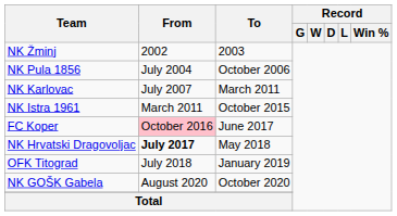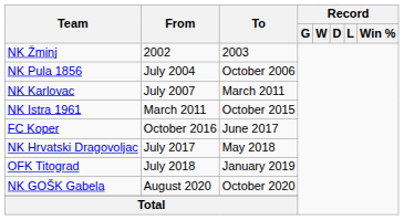 <table class="wikitable sortable">
 <tr>
 <th rowspan="2">Team</th>
 <th rowspan="2">From</th>
 <th rowspan="2">To</th>
 <th colspan="5">Record</th>
 </tr>
 <tr>
 <th>G</th>
 <th>W</th>
 <th>D</th>
 <th>L</th>
 <th>Win %</th>
 </tr>
 <tr>
 <td><a href='#'>NK Žminj</a></td>
 <td>2002</td>
 <td>2003<br></td>
 </tr>
 <tr>
 <td><a href='#'>NK Pula 1856</a></td>
 <td>July 2004</td>
 <td>October 2006<br></td>
 </tr>
 <tr>
 <td><a href='#'>NK Karlovac</a></td>
 <td>July 2007</td>
 <td>March 2011<br></td>
 </tr>
 <tr>
 <td><a href='#'>NK Istra 1961</a></td>
 <td>March 2011</td>
 <td>October 2015<br></td>
 </tr>
 <tr>
 <td><a href='#'>FC Koper</a></td>
-<td style="background: pink;">October 2016</td>
+<td>October 2016</td>
 <td>June 2017<br></td>
 </tr>
 <tr>
 <td><a href='#'>NK Hrvatski Dragovoljac</a></td>
-<td><strong>July 2017</strong></td>
+<td>July 2017</td>
 <td>May 2018<br></td>
 </tr>
 <tr>
 <td><a href='#'>OFK Titograd</a></td>
 <td>July 2018</td>
 <td>January 2019<br></td>
 </tr>
 <tr>
 <td><a href='#'>NK GOŠK Gabela</a></td>
 <td>August 2020</td>
 <td>October 2020<br></td>
 </tr>
 <tr>
 </tr>
 <tr class="sortbottom">
 <th colspan="3">Total<br></th>
 </tr>
 </table>
